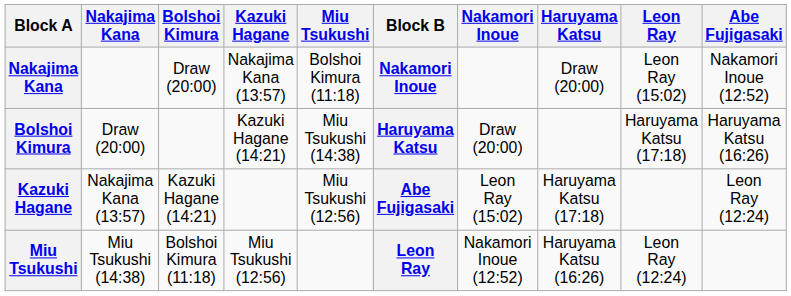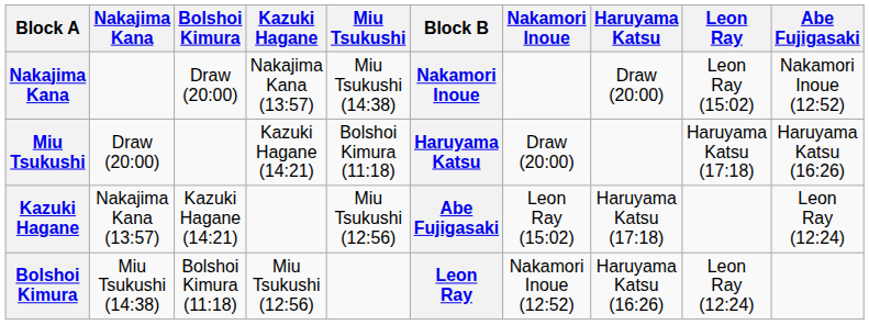 <table class="wikitable" style="text-align:center; margin: 1em auto 1em auto">
 <tr>
 <th>Block A</th>
 <th><a href='#'>Nakajima</a><br><a href='#'>Kana</a></th>
 <th><a href='#'>Bolshoi</a><br><a href='#'>Kimura</a></th>
 <th><a href='#'>Kazuki</a><br><a href='#'>Hagane</a></th>
 <th><a href='#'>Miu</a><br><a href='#'>Tsukushi</a></th>
 <th>Block B</th>
 <th><a href='#'>Nakamori</a><br><a href='#'>Inoue</a></th>
 <th><a href='#'>Haruyama</a><br><a href='#'>Katsu</a></th>
 <th><a href='#'>Leon</a><br><a href='#'>Ray</a></th>
 <th><a href='#'>Abe</a><br><a href='#'>Fujigasaki</a></th>
 </tr>
 <tr>
 <th><a href='#'>Nakajima</a><br><a href='#'>Kana</a></th>
 <td></td>
 <td>Draw<br>(20:00)</td>
 <td>Nakajima<br>Kana<br>(13:57)</td>
-<td>Bolshoi<br>Kimura<br>(11:18)</td>
+<td>Miu<br>Tsukushi<br>(14:38)</td>
 <th><a href='#'>Nakamori</a><br><a href='#'>Inoue</a></th>
 <td></td>
 <td>Draw<br>(20:00)</td>
 <td>Leon<br>Ray<br>(15:02)</td>
 <td>Nakamori<br>Inoue<br>(12:52)</td>
 </tr>
 <tr>
-<th><a href='#'>Bolshoi</a><br><a href='#'>Kimura</a></th>
+<th><a href='#'>Miu</a><br><a href='#'>Tsukushi</a></th>
 <td>Draw<br>(20:00)</td>
 <td></td>
 <td>Kazuki<br>Hagane<br>(14:21)</td>
-<td>Miu<br>Tsukushi<br>(14:38)</td>
+<td>Bolshoi<br>Kimura<br>(11:18)</td>
 <th><a href='#'>Haruyama</a><br><a href='#'>Katsu</a></th>
 <td>Draw<br>(20:00)</td>
 <td></td>
 <td>Haruyama<br>Katsu<br>(17:18)</td>
 <td>Haruyama<br>Katsu<br>(16:26)</td>
 </tr>
 <tr>
 <th><a href='#'>Kazuki</a><br><a href='#'>Hagane</a></th>
 <td>Nakajima<br>Kana<br>(13:57)</td>
 <td>Kazuki<br>Hagane<br>(14:21)</td>
 <td></td>
 <td>Miu<br>Tsukushi<br>(12:56)</td>
 <th><a href='#'>Abe</a><br><a href='#'>Fujigasaki</a></th>
 <td>Leon<br>Ray<br>(15:02)</td>
 <td>Haruyama<br>Katsu<br>(17:18)</td>
 <td></td>
 <td>Leon<br>Ray<br>(12:24)</td>
 </tr>
 <tr>
-<th><a href='#'>Miu</a><br><a href='#'>Tsukushi</a></th>
+<th><a href='#'>Bolshoi</a><br><a href='#'>Kimura</a></th>
 <td>Miu<br>Tsukushi<br>(14:38)</td>
 <td>Bolshoi<br>Kimura<br>(11:18)</td>
 <td>Miu<br>Tsukushi<br>(12:56)</td>
 <td></td>
 <th><a href='#'>Leon</a><br><a href='#'>Ray</a></th>
 <td>Nakamori<br>Inoue<br>(12:52)</td>
 <td>Haruyama<br>Katsu<br>(16:26)</td>
 <td>Leon<br>Ray<br>(12:24)</td>
 <td></td>
 </tr>
 </table>
